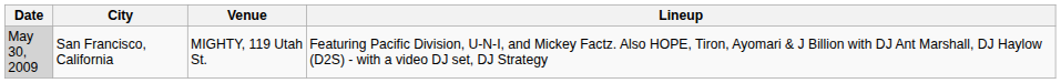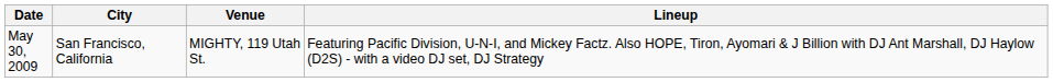 <table class="wikitable">
 <tr>
 <th style="width:50px;">Date</th>
 <th colspan=12>City</th>
 <th colspan=12>Venue</th>
 <th colspan=12>Lineup</th>
 </tr>
 <tr>
-<td style="background: lightgrey;">May 30, 2009</td>
+<td>May 30, 2009</td>
 <td colspan=12>San Francisco, California</td>
 <td colspan=12>MIGHTY, 119 Utah St.</td>
 <td colspan=12>Featuring Pacific Division, U-N-I, and Mickey Factz. Also HOPE, Tiron, Ayomari & J Billion with DJ Ant Marshall, DJ Haylow (D2S) - with a video DJ set, DJ Strategy</td>
 </tr>
 </table>
